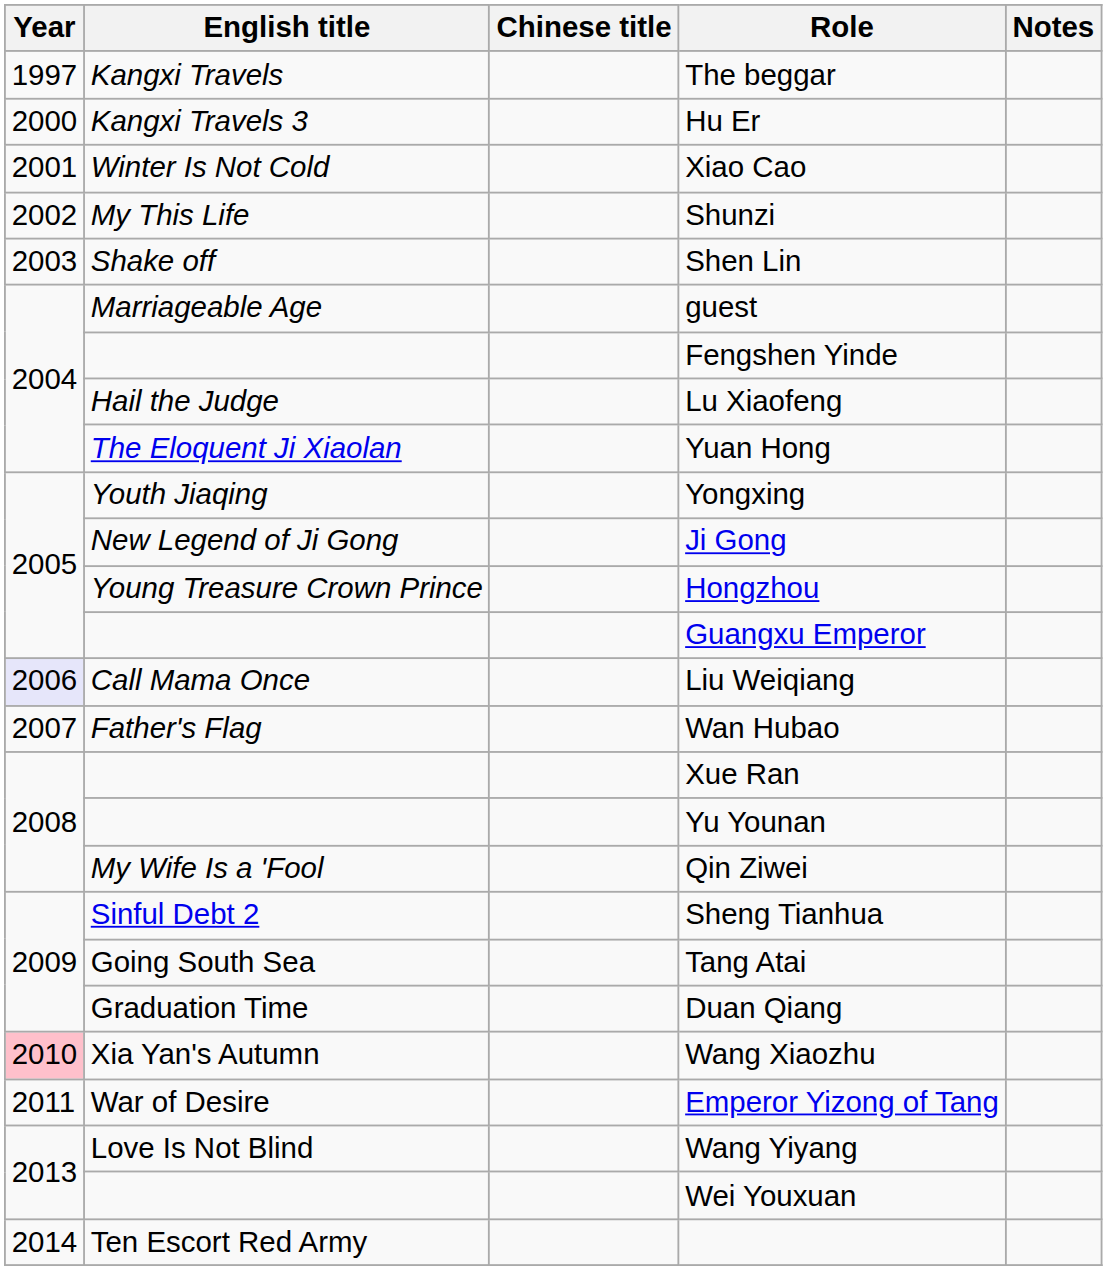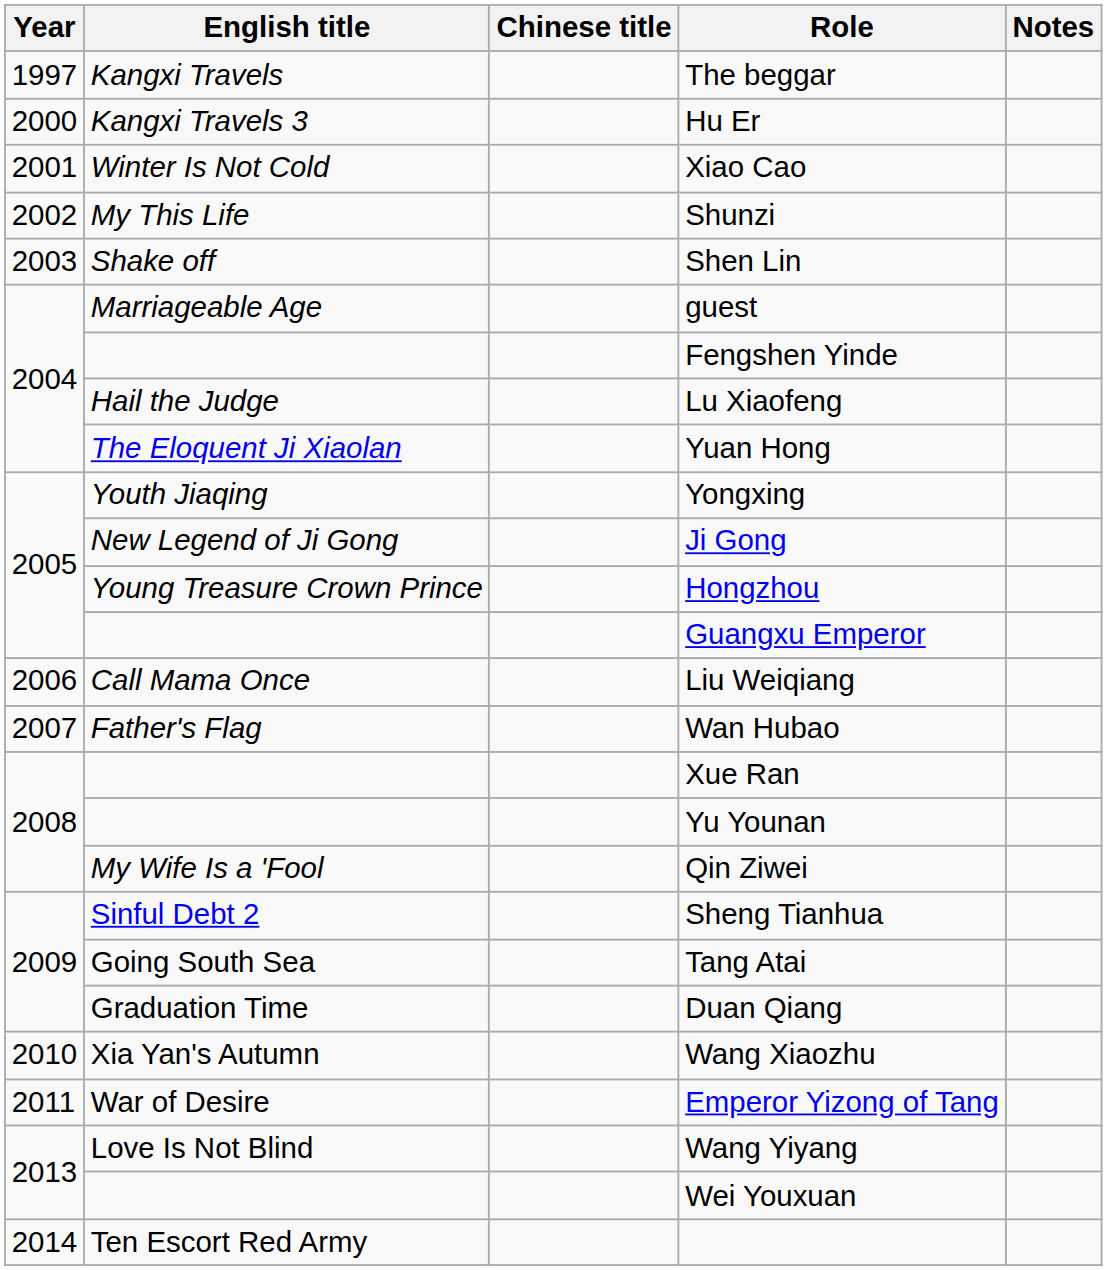 <table class="wikitable">
 <tr>
 <th>Year</th>
 <th>English title</th>
 <th>Chinese title</th>
 <th>Role</th>
 <th>Notes</th>
 </tr>
 <tr>
 <td>1997</td>
 <td><em>Kangxi Travels</em></td>
 <td></td>
 <td>The beggar</td>
 <td></td>
 </tr>
 <tr>
 <td>2000</td>
 <td><em>Kangxi Travels 3</em></td>
 <td></td>
 <td>Hu Er</td>
 <td></td>
 </tr>
 <tr>
 <td>2001</td>
 <td><em>Winter Is Not Cold</em></td>
 <td></td>
 <td>Xiao Cao</td>
 <td></td>
 </tr>
 <tr>
 <td>2002</td>
 <td><em>My This Life</em></td>
 <td></td>
 <td>Shunzi</td>
 <td></td>
 </tr>
 <tr>
 <td>2003</td>
 <td><em>Shake off</em></td>
 <td></td>
 <td>Shen Lin</td>
 <td></td>
 </tr>
 <tr>
 <td rowspan="4">2004</td>
 <td><em>Marriageable Age</em></td>
 <td></td>
 <td>guest</td>
 <td></td>
 </tr>
 <tr>
 <td></td>
 <td></td>
 <td>Fengshen Yinde</td>
 <td></td>
 </tr>
 <tr>
 <td><em>Hail the Judge</em></td>
 <td></td>
 <td>Lu Xiaofeng</td>
 <td></td>
 </tr>
 <tr>
 <td><em><a href='#'>The Eloquent Ji Xiaolan</a></em></td>
 <td></td>
 <td>Yuan Hong</td>
 <td></td>
 </tr>
 <tr>
 <td rowspan="4">2005</td>
 <td><em>Youth Jiaqing</em></td>
 <td></td>
 <td>Yongxing</td>
 <td></td>
 </tr>
 <tr>
 <td><em>New Legend of Ji Gong</em></td>
 <td></td>
 <td><a href='#'>Ji Gong</a></td>
 <td></td>
 </tr>
 <tr>
 <td><em>Young Treasure Crown Prince</em></td>
 <td></td>
 <td><a href='#'>Hongzhou</a></td>
 <td></td>
 </tr>
 <tr>
 <td></td>
 <td></td>
 <td><a href='#'>Guangxu Emperor</a></td>
 <td></td>
 </tr>
 <tr>
-<td style="background: lavender;">2006</td>
+<td>2006</td>
 <td><em>Call Mama Once</em></td>
 <td></td>
 <td>Liu Weiqiang</td>
 <td></td>
 </tr>
 <tr>
 <td>2007</td>
 <td><em>Father's Flag</em></td>
 <td></td>
 <td>Wan Hubao</td>
 <td></td>
 </tr>
 <tr>
 <td rowspan="3">2008</td>
 <td></td>
 <td></td>
 <td>Xue Ran</td>
 <td></td>
 </tr>
 <tr>
 <td></td>
 <td></td>
 <td>Yu Younan</td>
 <td></td>
 </tr>
 <tr>
 <td><em>My Wife Is a 'Fool<strong></td>
 <td></td>
 <td>Qin Ziwei</td>
 <td></td>
 </tr>
 <tr>
 <td rowspan="3">2009</td>
 <td></em><a href='#'>Sinful Debt 2</a><em></td>
 <td></td>
 <td>Sheng Tianhua</td>
 <td></td>
 </tr>
 <tr>
 <td></em>Going South Sea<em></td>
 <td></td>
 <td>Tang Atai</td>
 <td></td>
 </tr>
 <tr>
 <td></em>Graduation Time<em></td>
 <td></td>
 <td>Duan Qiang</td>
 <td></td>
 </tr>
 <tr>
-<td style="background: pink;">2010</td>
+<td>2010</td>
 <td></em>Xia Yan's Autumn<em></td>
 <td></td>
 <td>Wang Xiaozhu</td>
 <td></td>
 </tr>
 <tr>
 <td>2011</td>
 <td></em>War of Desire<em></td>
 <td></td>
 <td><a href='#'>Emperor Yizong of Tang</a></td>
 <td></td>
 </tr>
 <tr>
 <td rowspan="2">2013</td>
 <td></em>Love Is Not Blind<em></td>
 <td></td>
 <td>Wang Yiyang</td>
 <td></td>
 </tr>
 <tr>
 <td></td>
 <td></td>
 <td>Wei Youxuan</td>
 <td></td>
 </tr>
 <tr>
 <td rowspan="1">2014</td>
 <td></em>Ten Escort Red Army<em></td>
 <td></td>
 <td></td>
 <td></td>
 </tr>
 <tr>
 </tr>
 </table>
